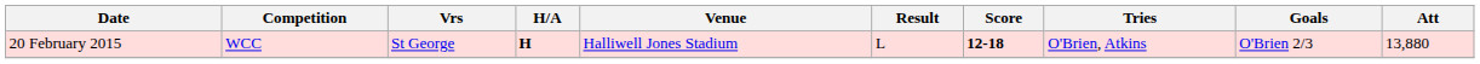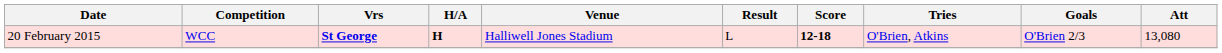 <table class="wikitable" style="font-size:85%;" width="100%">
 <tr>
 <th>Date</th>
 <th>Competition</th>
 <th>Vrs</th>
 <th>H/A</th>
 <th>Venue</th>
 <th>Result</th>
 <th>Score</th>
 <th>Tries</th>
 <th>Goals</th>
 <th>Att</th>
 </tr>
 <tr style="background:#ffdddd;" width=20 | >
 <td>20 February 2015</td>
 <td><a href='#'>WCC</a></td>
-<td><a href='#'>St George</a></td>
+<td><strong><a href='#'>St George</a></strong></td>
 <td><strong>H</strong></td>
 <td><a href='#'>Halliwell Jones Stadium</a></td>
 <td>L</td>
 <td><strong>12-18</strong></td>
 <td><a href='#'>O'Brien</a>, <a href='#'>Atkins</a></td>
 <td><a href='#'>O'Brien</a> 2/3</td>
-<td>13,880</td>
+<td>13,080</td>
 </tr>
 <tr>
 </tr>
 </table>
